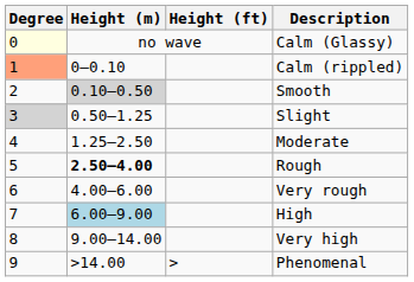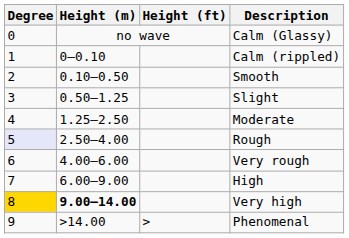 <table class="wikitable">
 <tr>
 <th>Degree</th>
 <th>Height (m)</th>
 <th>Height (ft)</th>
 <th>Description</th>
 </tr>
 <tr>
-<td style="background: lightyellow;">0</td>
+<td>0</td>
 <td colspan="2" style="text-align: center;">no wave</td>
 <td>Calm (Glassy)</td>
 </tr>
 <tr>
-<td style="background: lightsalmon;">1</td>
+<td>1</td>
 <td>0–0.10</td>
 <td></td>
 <td>Calm (rippled)</td>
 </tr>
 <tr>
 <td>2</td>
-<td style="background: lightgrey;">0.10–0.50</td>
+<td>0.10–0.50</td>
 <td></td>
 <td>Smooth</td>
 </tr>
 <tr>
-<td style="background: lightgrey;">3</td>
+<td>3</td>
 <td>0.50–1.25</td>
 <td></td>
 <td>Slight</td>
 </tr>
 <tr>
 <td>4</td>
 <td>1.25–2.50</td>
 <td></td>
 <td>Moderate</td>
 </tr>
 <tr>
-<td>5</td>
-<td><strong>2.50–4.00</strong></td>
+<td style="background: lavender;">5</td>
+<td>2.50–4.00</td>
 <td></td>
 <td>Rough</td>
 </tr>
 <tr>
 <td>6</td>
 <td>4.00–6.00</td>
 <td></td>
 <td>Very rough</td>
 </tr>
 <tr>
 <td>7</td>
-<td style="background: lightblue;">6.00–9.00</td>
+<td>6.00–9.00</td>
 <td></td>
 <td>High</td>
 </tr>
 <tr>
-<td>8</td>
-<td>9.00–14.00</td>
+<td style="background: gold;">8</td>
+<td><strong>9.00–14.00</strong></td>
 <td></td>
 <td>Very high</td>
 </tr>
 <tr>
 <td>9</td>
 <td>>14.00</td>
 <td>></td>
 <td>Phenomenal</td>
 </tr>
 </table>
